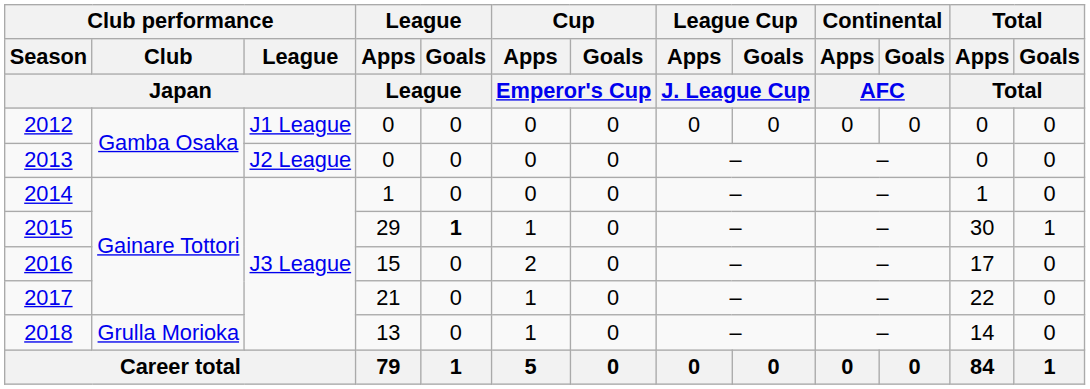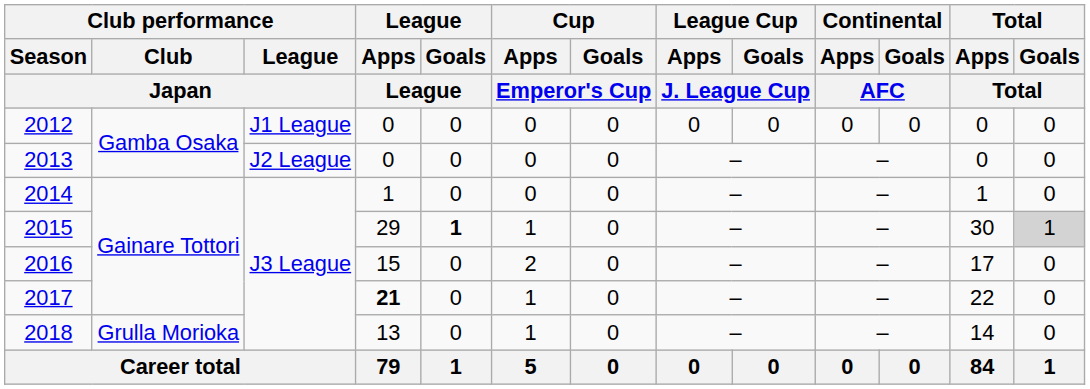 <table class="wikitable" style="text-align:center">
 <tr>
 <th colspan=3>Club performance</th>
 <th colspan=2>League</th>
 <th colspan=2>Cup</th>
 <th colspan=2>League Cup</th>
 <th colspan=2>Continental</th>
 <th colspan=2>Total</th>
 </tr>
 <tr>
 <th>Season</th>
 <th>Club</th>
 <th>League</th>
 <th>Apps</th>
 <th>Goals</th>
 <th>Apps</th>
 <th>Goals</th>
 <th>Apps</th>
 <th>Goals</th>
 <th>Apps</th>
 <th>Goals</th>
 <th>Apps</th>
 <th>Goals</th>
 </tr>
 <tr>
 <th colspan=3>Japan</th>
 <th colspan=2>League</th>
 <th colspan=2><a href='#'>Emperor's Cup</a></th>
 <th colspan=2><a href='#'>J. League Cup</a></th>
 <th colspan=2><a href='#'>AFC</a></th>
 <th colspan=2>Total</th>
 </tr>
 <tr>
 <td><a href='#'>2012</a></td>
 <td rowspan="2"><a href='#'>Gamba Osaka</a></td>
 <td rowspan="1"><a href='#'>J1 League</a></td>
 <td>0</td>
 <td>0</td>
 <td>0</td>
 <td>0</td>
 <td>0</td>
 <td>0</td>
 <td>0</td>
 <td>0</td>
 <td>0</td>
 <td>0</td>
 </tr>
 <tr>
 <td><a href='#'>2013</a></td>
 <td rowspan="1"><a href='#'>J2 League</a></td>
 <td>0</td>
 <td>0</td>
 <td>0</td>
 <td>0</td>
 <td colspan="2">–</td>
 <td colspan="2">–</td>
 <td>0</td>
 <td>0</td>
 </tr>
 <tr>
 <td><a href='#'>2014</a></td>
 <td rowspan="4"><a href='#'>Gainare Tottori</a></td>
 <td rowspan="5"><a href='#'>J3 League</a></td>
 <td>1</td>
 <td>0</td>
 <td>0</td>
 <td>0</td>
 <td colspan="2">–</td>
 <td colspan="2">–</td>
 <td>1</td>
 <td>0</td>
 </tr>
 <tr>
 <td><a href='#'>2015</a></td>
 <td>29</td>
 <td><strong>1</strong></td>
 <td>1</td>
 <td>0</td>
 <td colspan="2">–</td>
 <td colspan="2">–</td>
 <td>30</td>
-<td>1</td>
+<td style="background: lightgrey;">1</td>
 </tr>
 <tr>
 <td><a href='#'>2016</a></td>
 <td>15</td>
 <td>0</td>
 <td>2</td>
 <td>0</td>
 <td colspan="2">–</td>
 <td colspan="2">–</td>
 <td>17</td>
 <td>0</td>
 </tr>
 <tr>
 <td><a href='#'>2017</a></td>
-<td>21</td>
+<td><strong>21</strong></td>
 <td>0</td>
 <td>1</td>
 <td>0</td>
 <td colspan="2">–</td>
 <td colspan="2">–</td>
 <td>22</td>
 <td>0</td>
 </tr>
 <tr>
 <td><a href='#'>2018</a></td>
 <td><a href='#'>Grulla Morioka</a></td>
 <td>13</td>
 <td>0</td>
 <td>1</td>
 <td>0</td>
 <td colspan="2">–</td>
 <td colspan="2">–</td>
 <td>14</td>
 <td>0</td>
 </tr>
 <tr>
 <th colspan=3>Career total</th>
 <th>79</th>
 <th>1</th>
 <th>5</th>
 <th>0</th>
 <th>0</th>
 <th>0</th>
 <th>0</th>
 <th>0</th>
 <th>84</th>
 <th>1</th>
 </tr>
 </table>
